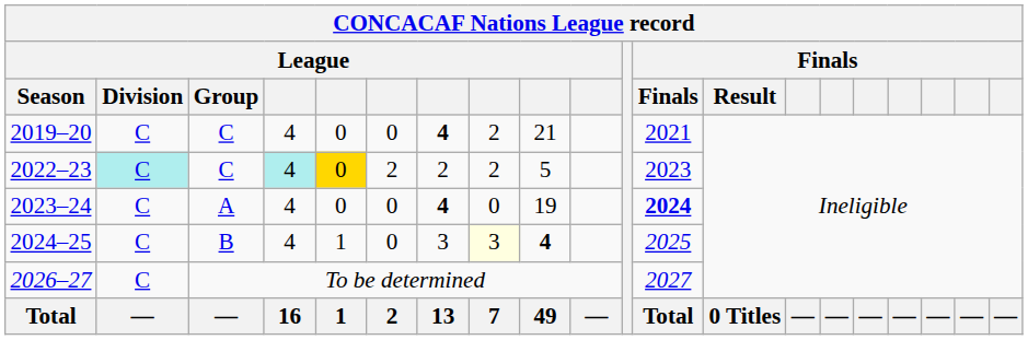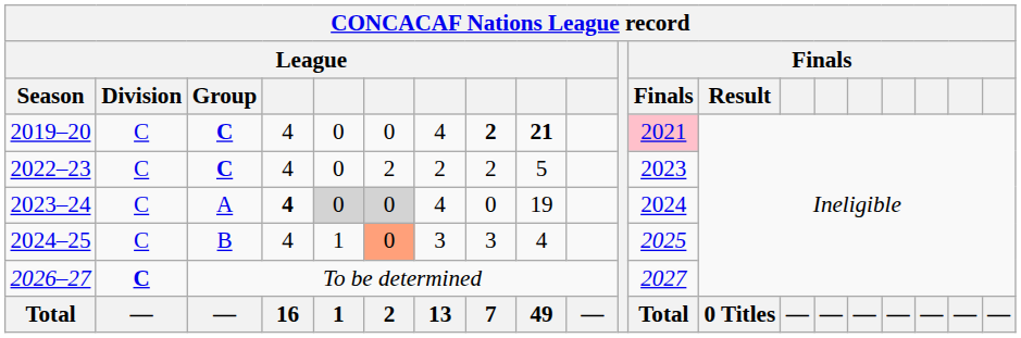 <table class="wikitable" style="text-align:center;">
 <tr>
 <th colspan="20"><a href='#'>CONCACAF Nations League</a> record</th>
 </tr>
 <tr>
 <th colspan="10">League</th>
 <th rowspan="8"></th>
 <th colspan="9">Finals</th>
 </tr>
 <tr>
 <th>Season</th>
 <th>Division</th>
 <th>Group</th>
 <th width="28"></th>
 <th width="28"></th>
 <th width="28"></th>
 <th width="28"></th>
 <th width="28"></th>
 <th width="28"></th>
 <th width="28"></th>
 <th><strong>Finals</strong></th>
 <th><strong>Result</strong></th>
 <th></th>
 <th></th>
 <th></th>
 <th></th>
 <th></th>
 <th></th>
 <th></th>
 </tr>
 <tr>
 <td><a href='#'>2019–20</a></td>
 <td><a href='#'>C</a></td>
-<td><a href='#'>C</a></td>
+<td><strong><a href='#'>C</a></strong></td>
 <td>4</td>
 <td>0</td>
 <td>0</td>
-<td><strong>4</strong></td>
-<td>2</td>
-<td>21</td>
+<td>4</td>
+<td><strong>2</strong></td>
+<td><strong>21</strong></td>
 <td></td>
-<td> <a href='#'>2021</a></td>
+<td style="background: pink;"> <a href='#'>2021</a></td>
 <td colspan="8" rowspan="5"><em>Ineligible</em></td>
 </tr>
 <tr>
 <td><a href='#'>2022–23</a></td>
-<td style="background: paleturquoise;"><a href='#'>C</a></td>
 <td><a href='#'>C</a></td>
-<td style="background: paleturquoise;">4</td>
-<td style="background: gold;">0</td>
+<td><strong><a href='#'>C</a></strong></td>
+<td>4</td>
+<td>0</td>
 <td>2</td>
 <td>2</td>
 <td>2</td>
 <td>5</td>
 <td></td>
 <td> <a href='#'>2023</a></td>
 </tr>
 <tr>
 <td><a href='#'>2023–24</a></td>
 <td><a href='#'>C</a></td>
 <td><a href='#'>A</a></td>
+<td><strong>4</strong></td>
+<td style="background: lightgrey;">0</td>
+<td style="background: lightgrey;">0</td>
 <td>4</td>
-<td>0</td>
-<td>0</td>
-<td><strong>4</strong></td>
 <td>0</td>
 <td>19</td>
 <td></td>
-<td><strong> <a href='#'>2024</a></strong></td>
+<td> <a href='#'>2024</a></td>
 </tr>
 <tr>
 <td><a href='#'>2024–25</a></td>
 <td><a href='#'>C</a></td>
 <td><a href='#'>B</a></td>
 <td>4</td>
 <td>1</td>
-<td>0</td>
+<td style="background: lightsalmon;">0</td>
 <td>3</td>
-<td style="background: lightyellow;">3</td>
-<td><strong>4</strong></td>
+<td>3</td>
+<td>4</td>
 <td></td>
 <td> <a href='#'><em>2025</em></a></td>
 </tr>
 <tr>
 <td><em><a href='#'>2026–27</a></em></td>
-<td><a href='#'>C</a></td>
+<td><strong><a href='#'>C</a></strong></td>
 <td colspan="8"><em>To be determined</em></td>
 <td> <em><a href='#'>2027</a></em></td>
 </tr>
 <tr>
 <th>Total</th>
 <th><strong>—</strong></th>
 <th><strong>—</strong></th>
 <th>16</th>
 <th>1</th>
 <th>2</th>
 <th>13</th>
 <th>7</th>
 <th>49</th>
 <th><strong>—</strong></th>
 <th><strong>Total</strong></th>
 <th><strong>0 Titles</strong></th>
 <th><strong>—</strong></th>
 <th><strong>—</strong></th>
 <th><strong>—</strong></th>
 <th><strong>—</strong></th>
 <th><strong>—</strong></th>
 <th><strong>—</strong></th>
 <th><strong>—</strong></th>
 </tr>
 </table>
